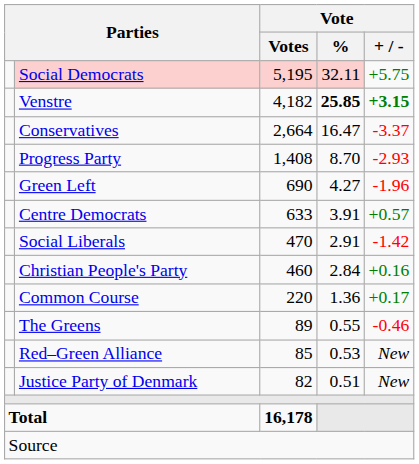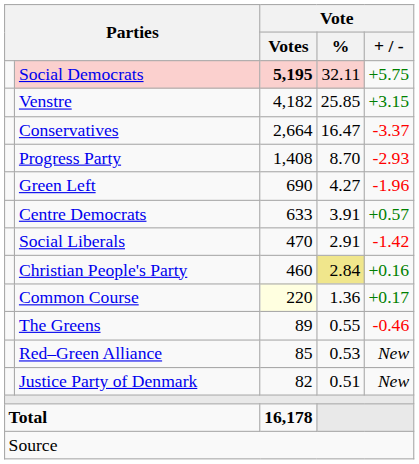 <table class="wikitable" style="text-align:right;">
 <tr>
 <th style="text-align:centre;" rowspan="2" colspan="2" width="225">Parties</th>
 <th colspan="3">Vote</th>
 </tr>
 <tr>
 <th width="15">Votes</th>
 <th width="15">%</th>
 <th width="15">+ / -</th>
 </tr>
 <tr>
 <td width="2" style="color:inherit;background:"></td>
 <td bgcolor=#fbd0ce  align="left"><a href='#'>Social Democrats</a></td>
-<td bgcolor=#fbd0ce>5,195</td>
+<td bgcolor=#fbd0ce><strong>5,195</strong></td>
 <td bgcolor=#fbd0ce>32.11</td>
 <td style=color:green;>+5.75</td>
 </tr>
 <tr>
 <td width="2" style="color:inherit;background:"></td>
 <td align="left"><a href='#'>Venstre</a></td>
 <td>4,182</td>
-<td><strong>25.85</strong></td>
-<td style=color:green;><strong>+3.15</strong></td>
+<td>25.85</td>
+<td style=color:green;>+3.15</td>
 </tr>
 <tr>
 <td width="2" style="color:inherit;background:"></td>
 <td align="left"><a href='#'>Conservatives</a></td>
 <td>2,664</td>
 <td>16.47</td>
 <td style=color:red;>-3.37</td>
 </tr>
 <tr>
 <td width="2" style="color:inherit;background:"></td>
 <td align="left"><a href='#'>Progress Party</a></td>
 <td>1,408</td>
 <td>8.70</td>
 <td style=color:red;>-2.93</td>
 </tr>
 <tr>
 <td width="2" style="color:inherit;background:"></td>
 <td align="left"><a href='#'>Green Left</a></td>
 <td>690</td>
 <td>4.27</td>
 <td style=color:red;>-1.96</td>
 </tr>
 <tr>
 <td width="2" style="color:inherit;background:"></td>
 <td align="left"><a href='#'>Centre Democrats</a></td>
 <td>633</td>
 <td>3.91</td>
 <td style=color:green;>+0.57</td>
 </tr>
 <tr>
 <td width="2" style="color:inherit;background:"></td>
 <td align="left"><a href='#'>Social Liberals</a></td>
 <td>470</td>
 <td>2.91</td>
 <td style=color:red;>-1.42</td>
 </tr>
 <tr>
 <td width="2" style="color:inherit;background:"></td>
 <td align="left"><a href='#'>Christian People's Party</a></td>
 <td>460</td>
-<td>2.84</td>
+<td style="background: khaki;">2.84</td>
 <td style=color:green;>+0.16</td>
 </tr>
 <tr>
 <td width="2" style="color:inherit;background:"></td>
 <td align="left"><a href='#'>Common Course</a></td>
-<td>220</td>
+<td style="background: lightyellow;">220</td>
 <td>1.36</td>
 <td style=color:green;>+0.17</td>
 </tr>
 <tr>
 <td width="2" style="color:inherit;background:"></td>
 <td align="left"><a href='#'>The Greens</a></td>
 <td>89</td>
 <td>0.55</td>
 <td style=color:red;>-0.46</td>
 </tr>
 <tr>
 <td width="2" style="color:inherit;background:"></td>
 <td align="left"><a href='#'>Red–Green Alliance</a></td>
 <td>85</td>
 <td>0.53</td>
 <td><em>New</em></td>
 </tr>
 <tr>
 <td width="2" style="color:inherit;background:"></td>
 <td align="left"><a href='#'>Justice Party of Denmark</a></td>
 <td>82</td>
 <td>0.51</td>
 <td><em>New</em></td>
 </tr>
 <tr>
 <td colspan="7" bgcolor="#E9E9E9"></td>
 </tr>
 <tr>
 <td align="left" colspan="2"><strong>Total</strong></td>
 <td><strong>16,178</strong></td>
 <td bgcolor="#E9E9E9" colspan="2"></td>
 </tr>
 <tr>
 <td align="left" colspan="6">Source</td>
 </tr>
 </table>
